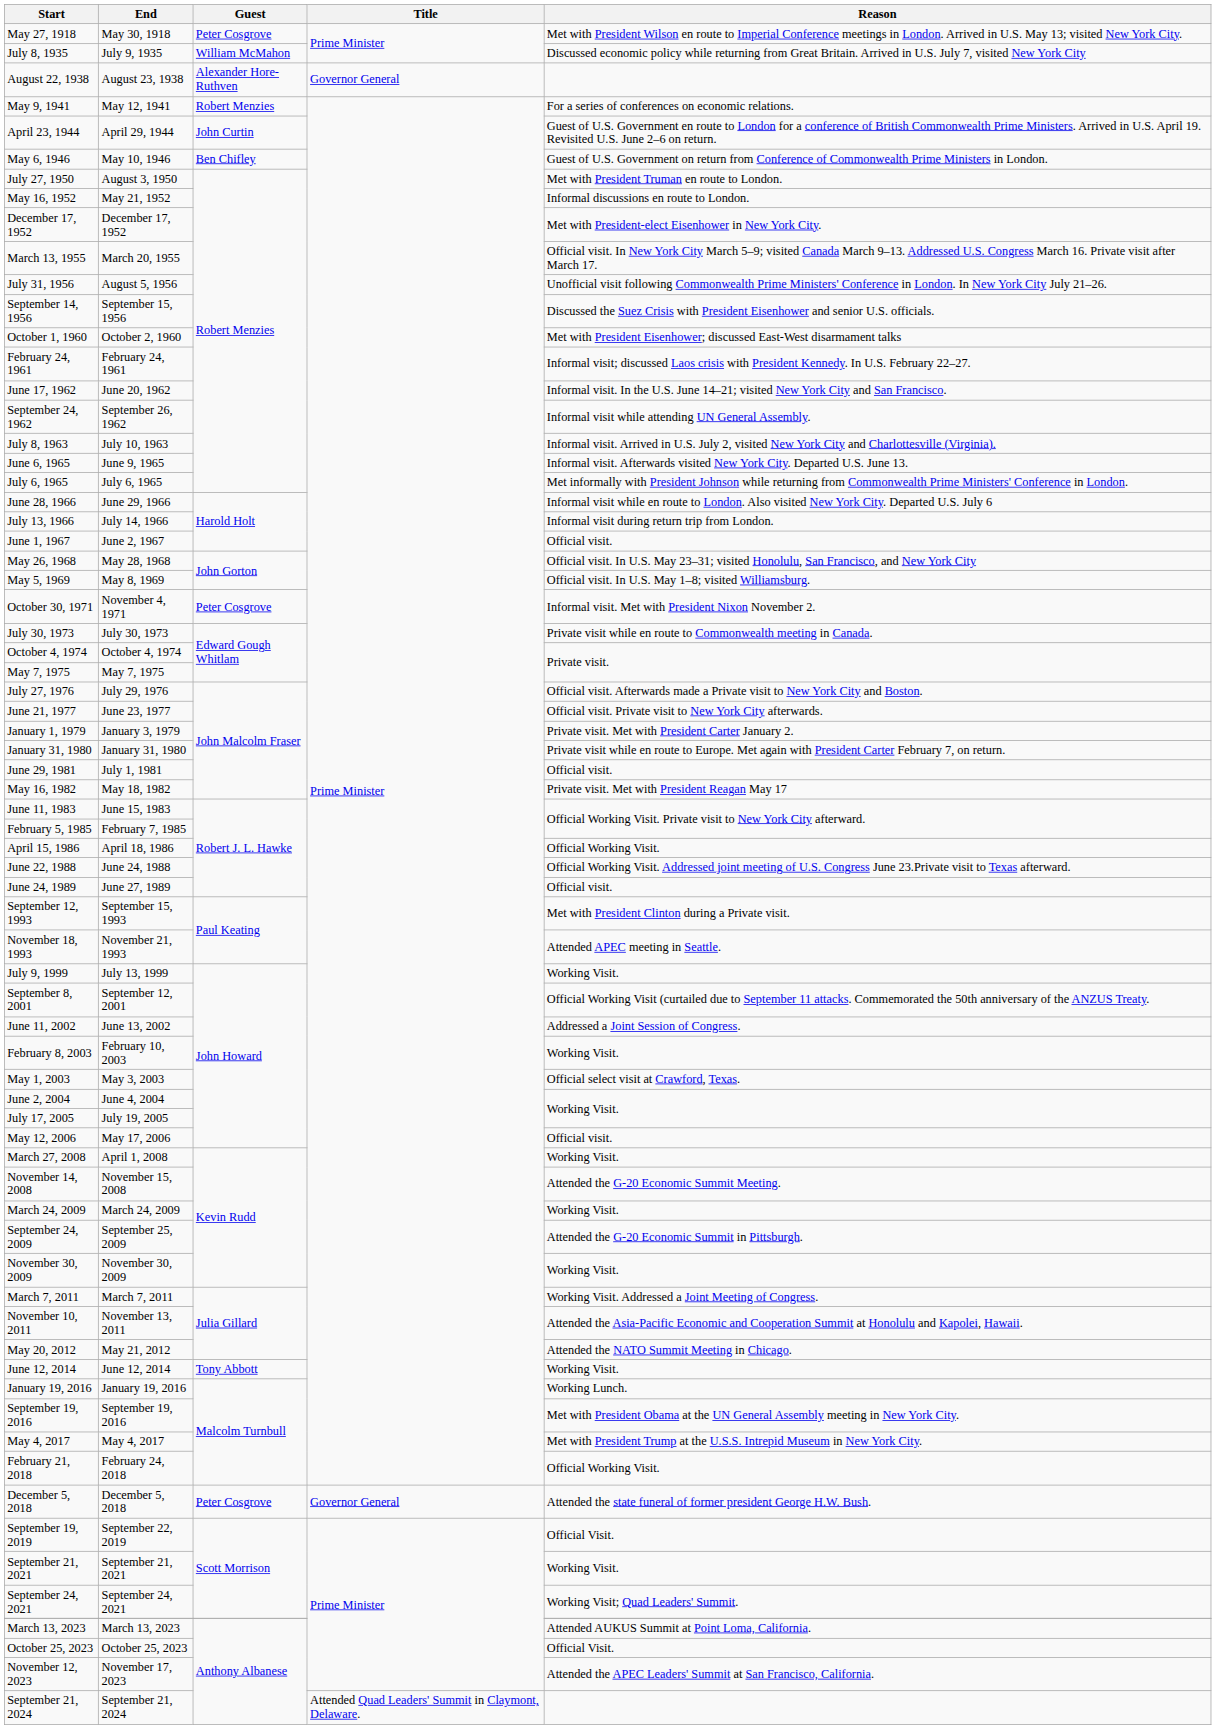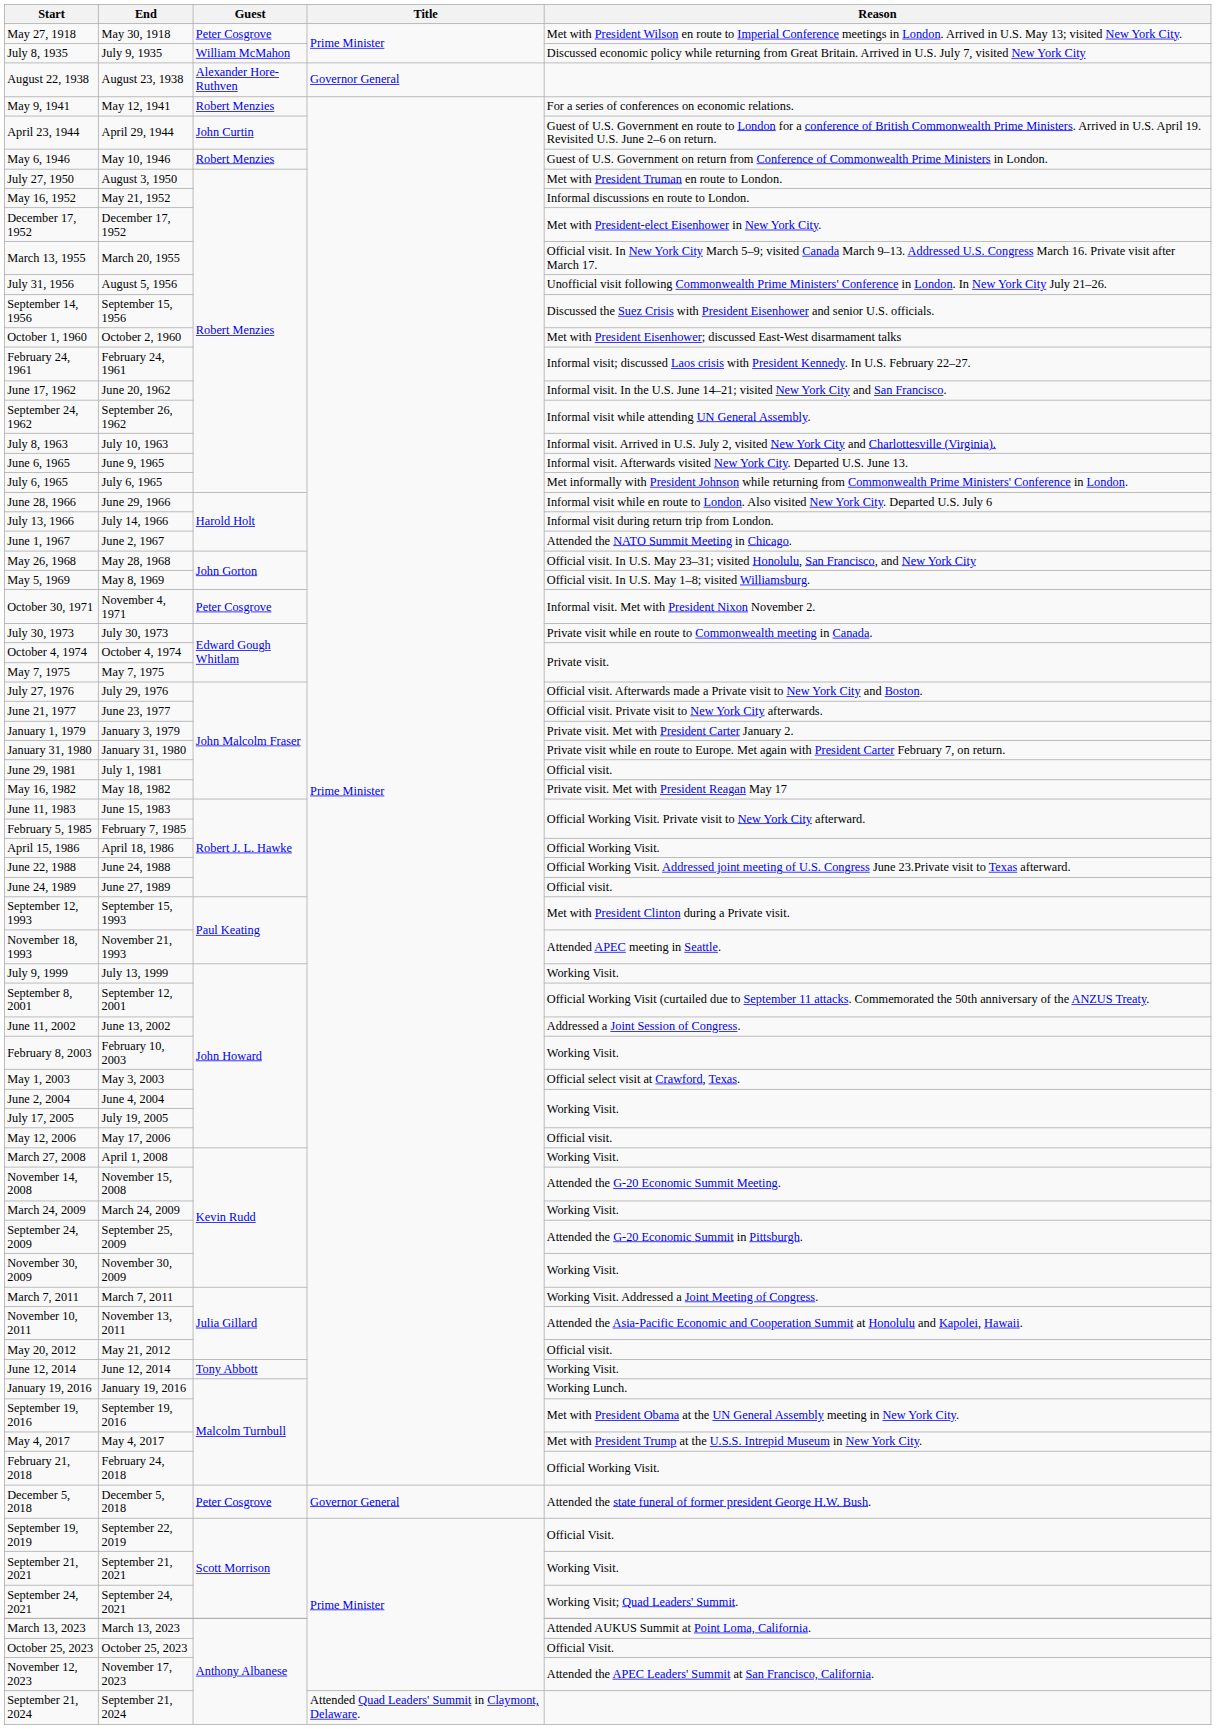 <table class="wikitable sortable">
 <tr>
 <th>Start</th>
 <th>End</th>
 <th>Guest</th>
 <th>Title</th>
 <th>Reason</th>
 </tr>
 <tr>
 <td>May 27, 1918</td>
 <td>May 30, 1918</td>
 <td><a href='#'>Peter Cosgrove</a></td>
 <td rowspan=2><a href='#'>Prime Minister</a></td>
 <td>Met with <a href='#'>President Wilson</a> en route to <a href='#'>Imperial Conference</a> meetings in <a href='#'>London</a>. Arrived in U.S. May 13; visited <a href='#'>New York City</a>.</td>
 </tr>
 <tr>
 <td>July 8, 1935</td>
 <td>July 9, 1935</td>
 <td><a href='#'>William McMahon</a></td>
 <td>Discussed economic policy while returning from Great Britain. Arrived in U.S. July 7, visited <a href='#'>New York City</a></td>
 </tr>
 <tr>
 <td>August 22, 1938</td>
 <td>August 23, 1938</td>
 <td><a href='#'>Alexander Hore-Ruthven</a></td>
 <td><a href='#'>Governor General</a></td>
 <td></td>
 </tr>
 <tr>
 <td>May 9, 1941</td>
 <td>May 12, 1941</td>
 <td><a href='#'>Robert Menzies</a></td>
 <td rowspan=59><a href='#'>Prime Minister</a></td>
 <td>For a series of conferences on economic relations.</td>
 </tr>
 <tr>
 <td>April 23, 1944</td>
 <td>April 29, 1944</td>
 <td><a href='#'>John Curtin</a></td>
 <td>Guest of U.S. Government en route to <a href='#'>London</a> for a <a href='#'>conference of British Commonwealth Prime Ministers</a>. Arrived in U.S. April 19. Revisited U.S. June 2–6 on return.</td>
 </tr>
 <tr>
 <td>May 6, 1946</td>
 <td>May 10, 1946</td>
-<td><a href='#'>Ben Chifley</a></td>
+<td><a href='#'>Robert Menzies</a></td>
 <td>Guest of U.S. Government on return from <a href='#'>Conference of Commonwealth Prime Ministers</a> in London.</td>
 </tr>
 <tr>
 <td>July 27, 1950</td>
 <td>August 3, 1950</td>
 <td rowspan=13><a href='#'>Robert Menzies</a></td>
 <td>Met with <a href='#'>President Truman</a> en route to London.</td>
 </tr>
 <tr>
 <td>May 16, 1952</td>
 <td>May 21, 1952</td>
 <td>Informal discussions en route to London.</td>
 </tr>
 <tr>
 <td>December 17, 1952</td>
 <td>December 17, 1952</td>
 <td>Met with <a href='#'>President-elect Eisenhower</a> in <a href='#'>New York City</a>.</td>
 </tr>
 <tr>
 <td>March 13, 1955</td>
 <td>March 20, 1955</td>
 <td>Official visit. In <a href='#'>New York City</a> March 5–9; visited <a href='#'>Canada</a> March 9–13. <a href='#'>Addressed U.S. Congress</a> March 16. Private visit after March 17.</td>
 </tr>
 <tr>
 <td>July 31, 1956</td>
 <td>August 5, 1956</td>
 <td>Unofficial visit following <a href='#'>Commonwealth Prime Ministers' Conference</a> in <a href='#'>London</a>. In <a href='#'>New York City</a> July 21–26.</td>
 </tr>
 <tr>
 <td>September 14, 1956</td>
 <td>September 15, 1956</td>
 <td>Discussed the <a href='#'>Suez Crisis</a> with <a href='#'>President Eisenhower</a> and senior U.S. officials.</td>
 </tr>
 <tr>
 <td>October 1, 1960</td>
 <td>October 2, 1960</td>
 <td>Met with <a href='#'>President Eisenhower</a>; discussed East-West disarmament talks</td>
 </tr>
 <tr>
 <td>February 24, 1961</td>
 <td>February 24, 1961</td>
 <td>Informal visit; discussed <a href='#'>Laos crisis</a> with <a href='#'>President Kennedy</a>. In U.S. February 22–27.</td>
 </tr>
 <tr>
 <td>June 17, 1962</td>
 <td>June 20, 1962</td>
 <td>Informal visit. In the U.S. June 14–21; visited <a href='#'>New York City</a> and <a href='#'>San Francisco</a>.</td>
 </tr>
 <tr>
 <td>September 24, 1962</td>
 <td>September 26, 1962</td>
 <td>Informal visit while attending <a href='#'>UN General Assembly</a>.</td>
 </tr>
 <tr>
 <td>July 8, 1963</td>
 <td>July 10, 1963</td>
 <td>Informal visit. Arrived in U.S. July 2, visited <a href='#'>New York City</a> and <a href='#'>Charlottesville (Virginia).</a></td>
 </tr>
 <tr>
 <td>June 6, 1965</td>
 <td>June 9, 1965</td>
 <td>Informal visit. Afterwards visited <a href='#'>New York City</a>. Departed U.S. June 13.</td>
 </tr>
 <tr>
 <td>July 6, 1965</td>
 <td>July 6, 1965</td>
 <td>Met informally with <a href='#'>President Johnson</a> while returning from <a href='#'>Commonwealth Prime Ministers' Conference</a> in <a href='#'>London</a>.</td>
 </tr>
 <tr>
 <td>June 28, 1966</td>
 <td>June 29, 1966</td>
 <td rowspan=3><a href='#'>Harold Holt</a></td>
 <td>Informal visit while en route to <a href='#'>London</a>. Also visited <a href='#'>New York City</a>. Departed U.S. July 6</td>
 </tr>
 <tr>
 <td>July 13, 1966</td>
 <td>July 14, 1966</td>
 <td>Informal visit during return trip from London.</td>
 </tr>
 <tr>
 <td>June 1, 1967</td>
 <td>June 2, 1967</td>
-<td>Official visit.</td>
+<td>Attended the <a href='#'>NATO Summit Meeting</a> in <a href='#'>Chicago</a>.</td>
 </tr>
 <tr>
 <td>May 26, 1968</td>
 <td>May 28, 1968</td>
 <td rowspan=2><a href='#'>John Gorton</a></td>
 <td>Official visit. In U.S. May 23–31; visited <a href='#'>Honolulu</a>, <a href='#'>San Francisco</a>, and <a href='#'>New York City</a></td>
 </tr>
 <tr>
 <td>May 5, 1969</td>
 <td>May 8, 1969</td>
 <td>Official visit. In U.S. May 1–8; visited <a href='#'>Williamsburg</a>.</td>
 </tr>
 <tr>
 <td>October 30, 1971</td>
 <td>November 4, 1971</td>
 <td><a href='#'>Peter Cosgrove</a></td>
 <td>Informal visit. Met with <a href='#'>President Nixon</a> November 2.</td>
 </tr>
 <tr>
 <td>July 30, 1973</td>
 <td>July 30, 1973</td>
 <td rowspan=3><a href='#'>Edward Gough Whitlam</a></td>
 <td>Private visit while en route to <a href='#'>Commonwealth meeting</a> in <a href='#'>Canada</a>.</td>
 </tr>
 <tr>
 <td>October 4, 1974</td>
 <td>October 4, 1974</td>
 <td rowspan=2>Private visit.</td>
 </tr>
 <tr>
 <td>May 7, 1975</td>
 <td>May 7, 1975</td>
 </tr>
 <tr>
 <td>July 27, 1976</td>
 <td>July 29, 1976</td>
 <td rowspan=6><a href='#'>John Malcolm Fraser</a></td>
 <td>Official visit. Afterwards made a Private visit to <a href='#'>New York City</a> and <a href='#'>Boston</a>.</td>
 </tr>
 <tr>
 <td>June 21, 1977</td>
 <td>June 23, 1977</td>
 <td>Official visit. Private visit to <a href='#'>New York City</a> afterwards.</td>
 </tr>
 <tr>
 <td>January 1, 1979</td>
 <td>January 3, 1979</td>
 <td>Private visit. Met with <a href='#'>President Carter</a> January 2.</td>
 </tr>
 <tr>
 <td>January 31, 1980</td>
 <td>January 31, 1980</td>
 <td>Private visit while en route to Europe. Met again with <a href='#'>President Carter</a> February 7, on return.</td>
 </tr>
 <tr>
 <td>June 29, 1981</td>
 <td>July 1, 1981</td>
 <td>Official visit.</td>
 </tr>
 <tr>
 <td>May 16, 1982</td>
 <td>May 18, 1982</td>
 <td>Private visit. Met with <a href='#'>President Reagan</a> May 17</td>
 </tr>
 <tr>
 <td>June 11, 1983</td>
 <td>June 15, 1983</td>
 <td rowspan=5><a href='#'>Robert J. L. Hawke</a></td>
 <td rowspan=2>Official Working Visit. Private visit to <a href='#'>New York City</a> afterward.</td>
 </tr>
 <tr>
 <td>February 5, 1985</td>
 <td>February 7, 1985</td>
 </tr>
 <tr>
 <td>April 15, 1986</td>
 <td>April 18, 1986</td>
 <td>Official Working Visit.</td>
 </tr>
 <tr>
 <td>June 22, 1988</td>
 <td>June 24, 1988</td>
 <td>Official Working Visit. <a href='#'>Addressed joint meeting of U.S. Congress</a> June 23.Private visit to <a href='#'>Texas</a> afterward.</td>
 </tr>
 <tr>
 <td>June 24, 1989</td>
 <td>June 27, 1989</td>
 <td>Official visit.</td>
 </tr>
 <tr>
 <td>September 12, 1993</td>
 <td>September 15, 1993</td>
 <td rowspan=2><a href='#'>Paul Keating</a></td>
 <td>Met with <a href='#'>President Clinton</a> during a Private visit.</td>
 </tr>
 <tr>
 <td>November 18, 1993</td>
 <td>November 21, 1993</td>
 <td>Attended <a href='#'>APEC</a> meeting in <a href='#'>Seattle</a>.</td>
 </tr>
 <tr>
 <td>July 9, 1999</td>
 <td>July 13, 1999</td>
 <td rowspan=8><a href='#'>John Howard</a></td>
 <td>Working Visit.</td>
 </tr>
 <tr>
 <td>September 8, 2001</td>
 <td>September 12, 2001</td>
 <td>Official Working Visit (curtailed due to <a href='#'>September 11 attacks</a>. Commemorated the 50th anniversary of the <a href='#'>ANZUS Treaty</a>.</td>
 </tr>
 <tr>
 <td>June 11, 2002</td>
 <td>June 13, 2002</td>
 <td>Addressed a <a href='#'>Joint Session of Congress</a>.</td>
 </tr>
 <tr>
 <td>February 8, 2003</td>
 <td>February 10, 2003</td>
 <td>Working Visit.</td>
 </tr>
 <tr>
 <td>May 1, 2003</td>
 <td>May 3, 2003</td>
 <td>Official select visit at <a href='#'>Crawford</a>, <a href='#'>Texas</a>.</td>
 </tr>
 <tr>
 <td>June 2, 2004</td>
 <td>June 4, 2004</td>
 <td rowspan=2>Working Visit.</td>
 </tr>
 <tr>
 <td>July 17, 2005</td>
 <td>July 19, 2005</td>
 </tr>
 <tr>
 <td>May 12, 2006</td>
 <td>May 17, 2006</td>
 <td>Official visit.</td>
 </tr>
 <tr>
 <td>March 27, 2008</td>
 <td>April 1, 2008</td>
 <td rowspan=5><a href='#'>Kevin Rudd</a></td>
 <td>Working Visit.</td>
 </tr>
 <tr>
 <td>November 14, 2008</td>
 <td>November 15, 2008</td>
 <td>Attended the <a href='#'>G-20 Economic Summit Meeting</a>.</td>
 </tr>
 <tr>
 <td>March 24, 2009</td>
 <td>March 24, 2009</td>
 <td>Working Visit.</td>
 </tr>
 <tr>
 <td>September 24, 2009</td>
 <td>September 25, 2009</td>
 <td>Attended the <a href='#'>G-20 Economic Summit</a> in <a href='#'>Pittsburgh</a>.</td>
 </tr>
 <tr>
 <td>November 30, 2009</td>
 <td>November 30, 2009</td>
 <td>Working Visit.</td>
 </tr>
 <tr>
 <td>March 7, 2011</td>
 <td>March 7, 2011</td>
 <td rowspan=3><a href='#'>Julia Gillard</a></td>
 <td>Working Visit. Addressed a <a href='#'>Joint Meeting of Congress</a>.</td>
 </tr>
 <tr>
 <td>November 10, 2011</td>
 <td>November 13, 2011</td>
 <td>Attended the <a href='#'>Asia-Pacific Economic and Cooperation Summit</a> at <a href='#'>Honolulu</a> and <a href='#'>Kapolei</a>, <a href='#'>Hawaii</a>.</td>
 </tr>
 <tr>
 <td>May 20, 2012</td>
 <td>May 21, 2012</td>
-<td>Attended the <a href='#'>NATO Summit Meeting</a> in <a href='#'>Chicago</a>.</td>
+<td>Official visit.</td>
 </tr>
 <tr>
 <td>June 12, 2014</td>
 <td>June 12, 2014</td>
 <td><a href='#'>Tony Abbott</a></td>
 <td>Working Visit.</td>
 </tr>
 <tr>
 <td>January 19, 2016</td>
 <td>January 19, 2016</td>
 <td rowspan=4><a href='#'>Malcolm Turnbull</a></td>
 <td>Working Lunch.</td>
 </tr>
 <tr>
 <td>September 19, 2016</td>
 <td>September 19, 2016</td>
 <td>Met with <a href='#'>President Obama</a> at the <a href='#'>UN General Assembly</a> meeting in <a href='#'>New York City</a>.</td>
 </tr>
 <tr>
 <td>May 4, 2017</td>
 <td>May 4, 2017</td>
 <td>Met with <a href='#'>President Trump</a> at the <a href='#'>U.S.S. Intrepid Museum</a> in <a href='#'>New York City</a>.</td>
 </tr>
 <tr>
 <td>February 21, 2018</td>
 <td>February 24, 2018</td>
 <td>Official Working Visit.</td>
 </tr>
 <tr>
 <td>December 5, 2018</td>
 <td>December 5, 2018</td>
 <td><a href='#'>Peter Cosgrove</a></td>
 <td><a href='#'>Governor General</a></td>
 <td>Attended the <a href='#'>state funeral of former president George H.W. Bush</a>.</td>
 </tr>
 <tr>
 <td>September 19, 2019</td>
 <td>September 22, 2019</td>
 <td rowspan=3><a href='#'>Scott Morrison</a></td>
 <td rowspan=7><a href='#'>Prime Minister</a></td>
 <td>Official Visit.</td>
 </tr>
 <tr>
 <td>September 21, 2021</td>
 <td>September 21, 2021</td>
 <td>Working Visit.</td>
 </tr>
 <tr>
 <td>September 24, 2021</td>
 <td>September 24, 2021</td>
 <td>Working Visit; <a href='#'>Quad Leaders' Summit</a>.</td>
 </tr>
 <tr>
 </tr>
 <tr>
 <td>March 13, 2023</td>
 <td>March 13, 2023</td>
 <td rowspan=4><a href='#'>Anthony Albanese</a></td>
 <td>Attended AUKUS Summit at <a href='#'>Point Loma, California</a>.</td>
 </tr>
 <tr>
 <td>October 25, 2023</td>
 <td>October 25, 2023</td>
 <td>Official Visit.</td>
 </tr>
 <tr>
 <td>November 12, 2023</td>
 <td>November 17, 2023</td>
 <td>Attended the <a href='#'>APEC Leaders' Summit</a> at <a href='#'>San Francisco, California</a>.</td>
 </tr>
 <tr>
 <td>September 21, 2024</td>
 <td>September 21, 2024</td>
 <td>Attended <a href='#'>Quad Leaders' Summit</a> in <a href='#'>Claymont, Delaware</a>.</td>
 </tr>
 </table>
